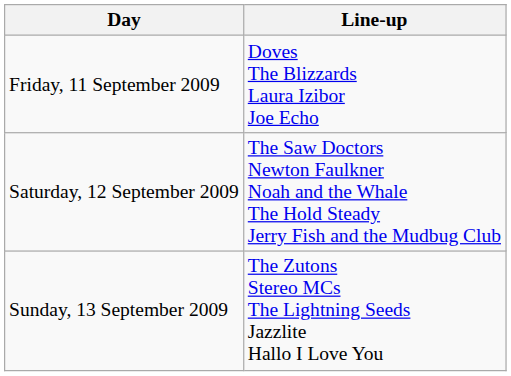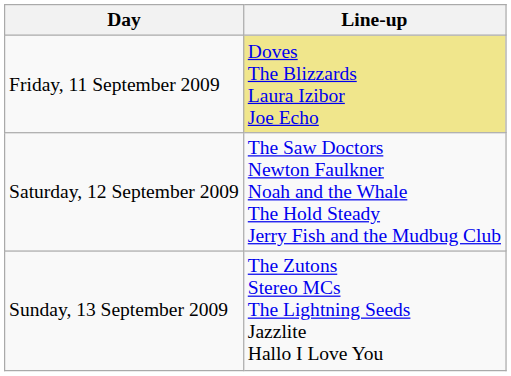 <table class="wikitable">
 <tr>
 <th>Day</th>
 <th>Line‑up</th>
 </tr>
 <tr>
 <td>Friday, 11 September 2009</td>
-<td><a href='#'>Doves</a><br><a href='#'>The Blizzards</a><br><a href='#'>Laura Izibor</a><br><a href='#'>Joe Echo</a></td>
+<td style="background: khaki;"><a href='#'>Doves</a><br><a href='#'>The Blizzards</a><br><a href='#'>Laura Izibor</a><br><a href='#'>Joe Echo</a></td>
 </tr>
 <tr>
 <td>Saturday, 12 September 2009</td>
 <td><a href='#'>The Saw Doctors</a><br><a href='#'>Newton Faulkner</a><br><a href='#'>Noah and the Whale</a><br><a href='#'>The Hold Steady</a><br><a href='#'>Jerry Fish and the Mudbug Club</a></td>
 </tr>
 <tr>
 <td>Sunday, 13 September 2009</td>
 <td><a href='#'>The Zutons</a><br><a href='#'>Stereo MCs</a><br><a href='#'>The Lightning Seeds</a><br>Jazzlite<br>Hallo I Love You</td>
 </tr>
 </table>
